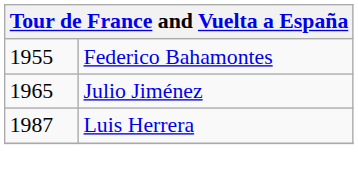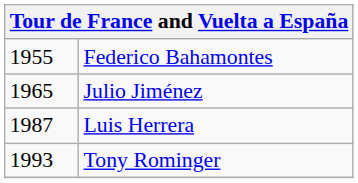 <table class="wikitable">
 <tr>
 <th colspan=2><a href='#'>Tour de France</a> and <a href='#'>Vuelta a España</a></th>
 </tr>
 <tr>
 <td>1955</td>
 <td> <a href='#'>Federico Bahamontes</a></td>
 </tr>
 <tr>
 <td>1965</td>
 <td> <a href='#'>Julio Jiménez</a></td>
 </tr>
 <tr>
 <td>1987</td>
 <td> <a href='#'>Luis Herrera</a></td>
 </tr>
 <tr>
+<td>1993</td>
+<td> <a href='#'>Tony Rominger</a></td>
+</tr>
+<tr>
 </tr>
 </table>
